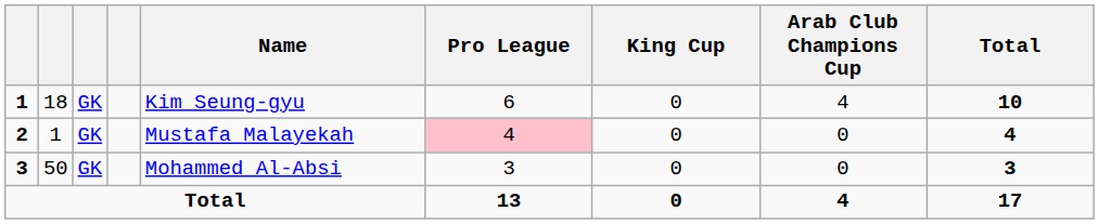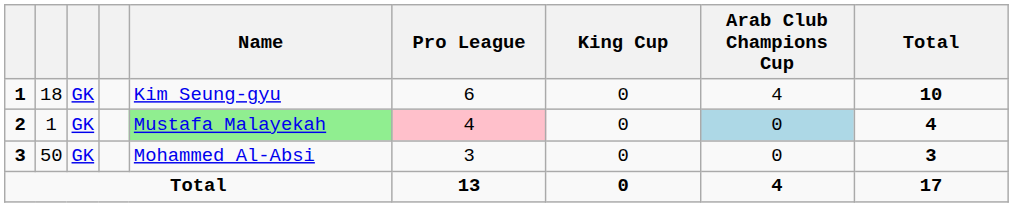 <table class="wikitable" style="text-align:center">
 <tr>
 <th width=15></th>
 <th width=15></th>
 <th width=15></th>
 <th width=15></th>
 <th width=175>Name</th>
 <th width=100>Pro League</th>
 <th width=100>King Cup</th>
 <th width=100>Arab Club Champions Cup</th>
 <th width=100>Total</th>
 </tr>
 <tr>
 <td><strong>1</strong></td>
 <td>18</td>
 <td><a href='#'>GK</a></td>
 <td></td>
 <td align=left><a href='#'>Kim Seung-gyu</a></td>
 <td>6</td>
 <td>0</td>
 <td>4</td>
 <td><strong>10</strong></td>
 </tr>
 <tr>
 <td><strong>2</strong></td>
 <td>1</td>
 <td><a href='#'>GK</a></td>
 <td></td>
-<td align=left><a href='#'>Mustafa Malayekah</a></td>
+<td align=left style="background: lightgreen;"><a href='#'>Mustafa Malayekah</a></td>
 <td style="background: pink;">4</td>
 <td>0</td>
-<td>0</td>
+<td style="background: lightblue;">0</td>
 <td><strong>4</strong></td>
 </tr>
 <tr>
 <td><strong>3</strong></td>
 <td>50</td>
 <td><a href='#'>GK</a></td>
 <td></td>
 <td align=left><a href='#'>Mohammed Al-Absi</a></td>
 <td>3</td>
 <td>0</td>
 <td>0</td>
 <td><strong>3</strong></td>
 </tr>
 <tr>
 <td colspan=5><strong>Total</strong></td>
 <td><strong>13</strong></td>
 <td><strong>0</strong></td>
 <td><strong>4</strong></td>
 <td><strong>17</strong></td>
 </tr>
 </table>
